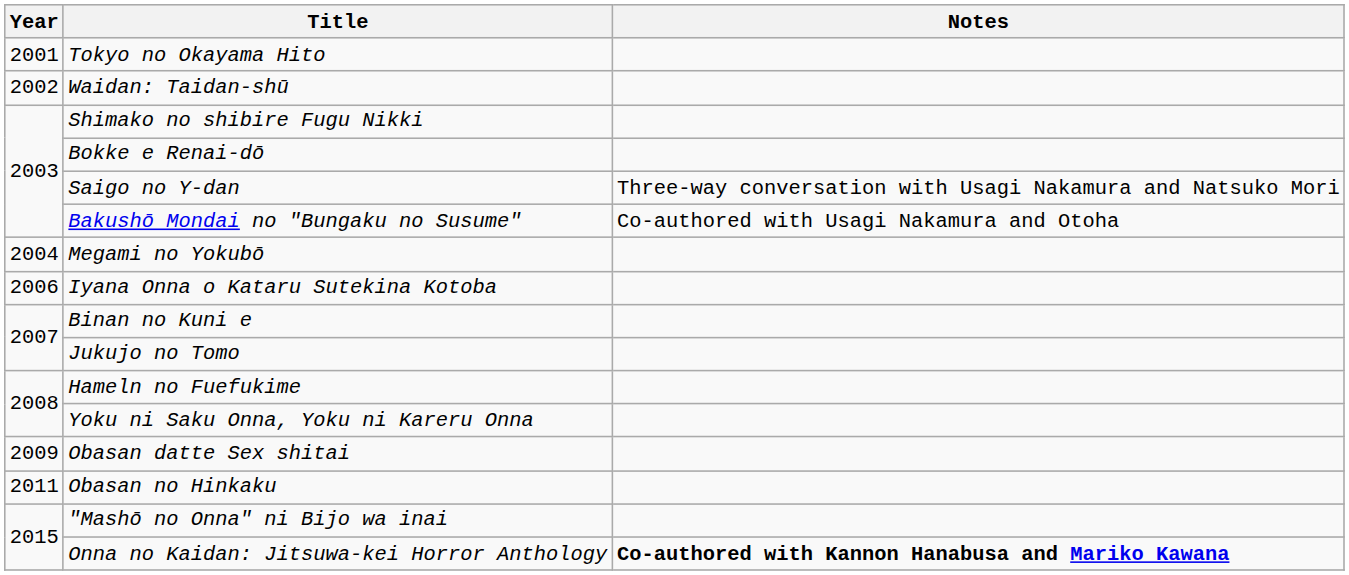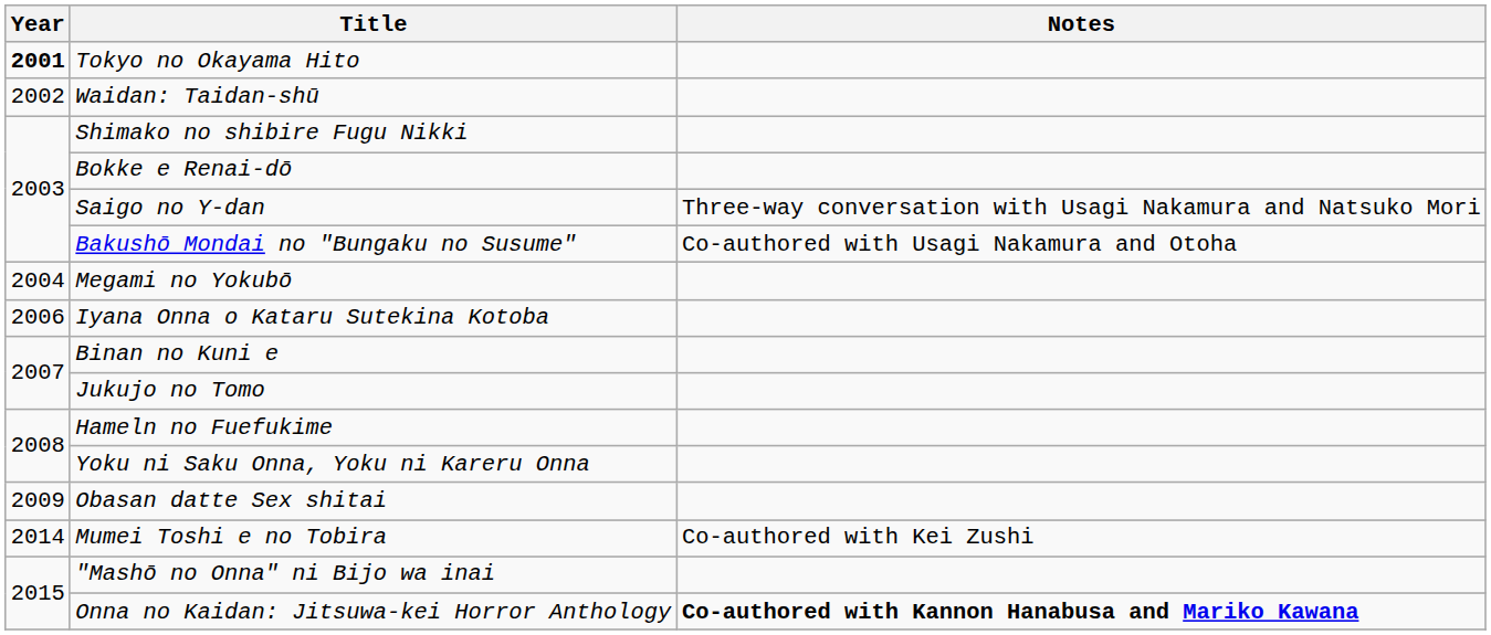 <table class="wikitable">
 <tr>
 <th>Year</th>
 <th>Title</th>
 <th>Notes</th>
 </tr>
 <tr>
-<td>2001</td>
+<td><strong>2001</strong></td>
 <td><em>Tokyo no Okayama Hito</em></td>
 <td></td>
 </tr>
 <tr>
 <td>2002</td>
 <td><em>Waidan: Taidan-shū</em></td>
 <td></td>
 </tr>
 <tr>
 <td rowspan="4">2003</td>
 <td><em>Shimako no shibire Fugu Nikki</em></td>
 <td></td>
 </tr>
 <tr>
 <td><em>Bokke e Renai-dō</em></td>
 <td></td>
 </tr>
 <tr>
 <td><em>Saigo no Y-dan</em></td>
 <td>Three-way conversation with Usagi Nakamura and Natsuko Mori</td>
 </tr>
 <tr>
 <td><em><a href='#'>Bakushō Mondai</a> no "Bungaku no Susume"</em></td>
 <td>Co-authored with Usagi Nakamura and Otoha</td>
 </tr>
 <tr>
 <td>2004</td>
 <td><em>Megami no Yokubō</em></td>
 <td></td>
 </tr>
 <tr>
 <td>2006</td>
 <td><em>Iyana Onna o Kataru Sutekina Kotoba</em></td>
 <td></td>
 </tr>
 <tr>
 <td rowspan="2">2007</td>
 <td><em>Binan no Kuni e</em></td>
 <td></td>
 </tr>
 <tr>
 <td><em>Jukujo no Tomo</em></td>
 <td></td>
 </tr>
 <tr>
 <td rowspan="2">2008</td>
 <td><em>Hameln no Fuefukime</em></td>
 <td></td>
 </tr>
 <tr>
 <td><em>Yoku ni Saku Onna, Yoku ni Kareru Onna</em></td>
 <td></td>
 </tr>
 <tr>
 <td>2009</td>
 <td><em>Obasan datte Sex shitai</em></td>
 <td></td>
 </tr>
 <tr>
-<td>2011</td>
-<td><em>Obasan no Hinkaku</em></td>
-<td></td>
+<td>2014</td>
+<td><em>Mumei Toshi e no Tobira</em></td>
+<td>Co-authored with Kei Zushi</td>
 </tr>
 <tr>
 <td rowspan="2'">2015</td>
 <td><em>"Mashō no Onna" ni Bijo wa inai</em></td>
 <td></td>
 </tr>
 <tr>
 <td><em>Onna no Kaidan: Jitsuwa-kei Horror Anthology</em></td>
 <td><strong>Co-authored with Kannon Hanabusa and <a href='#'>Mariko Kawana</a></strong></td>
 </tr>
 </table>
